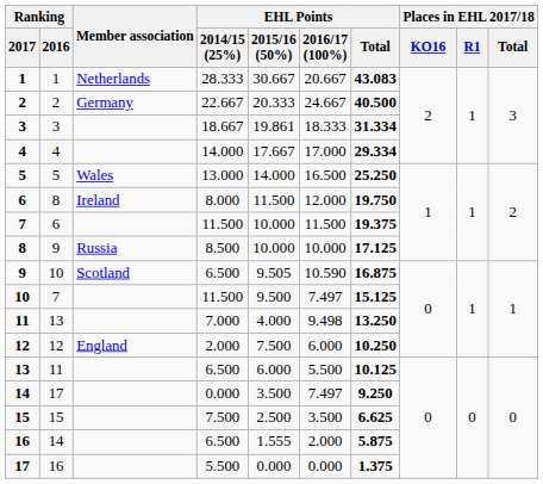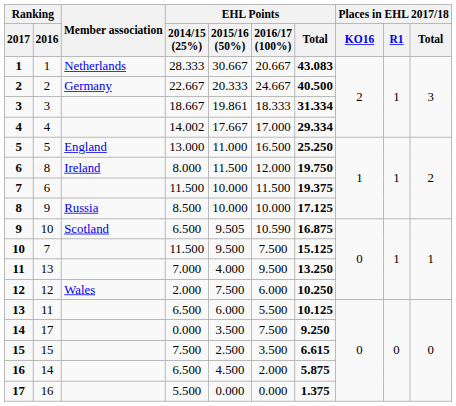 <table class="wikitable" style="text-align:center">
 <tr style="font-size: 90%;">
 <th colspan="2">Ranking</th>
 <th rowspan="2">Member association</th>
 <th colspan="4">EHL Points</th>
 <th colspan="3">Places in EHL 2017/18</th>
 </tr>
 <tr style="font-size: 90%;">
 <th>2017</th>
 <th>2016</th>
 <th>2014/15<br>(25%)</th>
 <th>2015/16<br>(50%)</th>
 <th>2016/17<br>(100%)</th>
 <th>Total</th>
 <th><a href='#'>KO16</a></th>
 <th><a href='#'>R1</a></th>
 <th>Total</th>
 </tr>
 <tr>
 <td><strong>1</strong></td>
 <td>1</td>
 <td align=left> <a href='#'>Netherlands</a></td>
 <td>28.333</td>
 <td>30.667</td>
 <td>20.667</td>
 <td><strong>43.083</strong></td>
 <td rowspan=4>2</td>
 <td rowspan="4">1</td>
 <td rowspan=4>3</td>
 </tr>
 <tr>
 <td><strong>2</strong></td>
 <td>2</td>
 <td align=left> <a href='#'>Germany</a></td>
 <td>22.667</td>
 <td>20.333</td>
 <td>24.667</td>
 <td><strong>40.500</strong></td>
 </tr>
 <tr>
 <td><strong>3</strong></td>
 <td>3</td>
 <td align=left></td>
 <td>18.667</td>
 <td>19.861</td>
 <td>18.333</td>
 <td><strong>31.334</strong></td>
 </tr>
 <tr>
 <td><strong>4</strong></td>
 <td>4</td>
 <td align=left></td>
-<td>14.000</td>
+<td>14.002</td>
 <td>17.667</td>
 <td>17.000</td>
 <td><strong>29.334</strong></td>
 </tr>
 <tr>
 <td><strong>5</strong></td>
 <td>5</td>
-<td align=left> <a href='#'>Wales</a></td>
+<td align=left> <a href='#'>England</a></td>
 <td>13.000</td>
-<td>14.000</td>
+<td>11.000</td>
 <td>16.500</td>
 <td><strong>25.250</strong></td>
 <td rowspan="4">1</td>
 <td rowspan="4">1</td>
 <td rowspan="4">2</td>
 </tr>
 <tr>
 <td><strong>6</strong></td>
 <td>8</td>
 <td align=left> <a href='#'>Ireland</a></td>
 <td>8.000</td>
 <td>11.500</td>
 <td>12.000</td>
 <td><strong>19.750</strong></td>
 </tr>
 <tr>
 <td><strong>7</strong></td>
 <td>6</td>
 <td align=left></td>
 <td>11.500</td>
 <td>10.000</td>
 <td>11.500</td>
 <td><strong>19.375</strong></td>
 </tr>
 <tr>
 <td><strong>8</strong></td>
 <td>9</td>
 <td align=left> <a href='#'>Russia</a></td>
 <td>8.500</td>
 <td>10.000</td>
 <td>10.000</td>
 <td><strong>17.125</strong></td>
 </tr>
 <tr>
 <td><strong>9</strong></td>
 <td>10</td>
 <td align=left> <a href='#'>Scotland</a></td>
 <td>6.500</td>
 <td>9.505</td>
 <td>10.590</td>
 <td><strong>16.875</strong></td>
 <td rowspan="4">0</td>
 <td rowspan="4">1</td>
 <td rowspan="4">1</td>
 </tr>
 <tr>
 <td><strong>10</strong></td>
 <td>7</td>
 <td align=left></td>
 <td>11.500</td>
 <td>9.500</td>
-<td>7.497</td>
+<td>7.500</td>
 <td><strong>15.125</strong></td>
 </tr>
 <tr>
 <td><strong>11</strong></td>
 <td>13</td>
 <td align=left></td>
 <td>7.000</td>
 <td>4.000</td>
-<td>9.498</td>
+<td>9.500</td>
 <td><strong>13.250</strong></td>
 </tr>
 <tr>
 <td><strong>12</strong></td>
 <td>12</td>
-<td align=left> <a href='#'>England</a></td>
+<td align=left> <a href='#'>Wales</a></td>
 <td>2.000</td>
 <td>7.500</td>
 <td>6.000</td>
 <td><strong>10.250</strong></td>
 </tr>
 <tr>
 <td><strong>13</strong></td>
 <td>11</td>
 <td align=left></td>
 <td>6.500</td>
 <td>6.000</td>
 <td>5.500</td>
 <td><strong>10.125</strong></td>
 <td rowspan="5">0</td>
 <td rowspan="5">0</td>
 <td rowspan="5">0</td>
 </tr>
 <tr>
 <td><strong>14</strong></td>
 <td>17</td>
 <td align=left></td>
 <td>0.000</td>
 <td>3.500</td>
-<td>7.497</td>
+<td>7.500</td>
 <td><strong>9.250</strong></td>
 </tr>
 <tr>
 <td><strong>15</strong></td>
 <td>15</td>
 <td align=left></td>
 <td>7.500</td>
 <td>2.500</td>
 <td>3.500</td>
-<td><strong>6.625</strong></td>
+<td><strong>6.615</strong></td>
 </tr>
 <tr>
 <td><strong>16</strong></td>
 <td>14</td>
 <td align=left></td>
 <td>6.500</td>
-<td>1.555</td>
+<td>4.500</td>
 <td>2.000</td>
 <td><strong>5.875</strong></td>
 </tr>
 <tr>
 <td><strong>17</strong></td>
 <td>16</td>
 <td align=left></td>
 <td>5.500</td>
 <td>0.000</td>
 <td>0.000</td>
 <td><strong>1.375</strong></td>
 </tr>
 </table>
